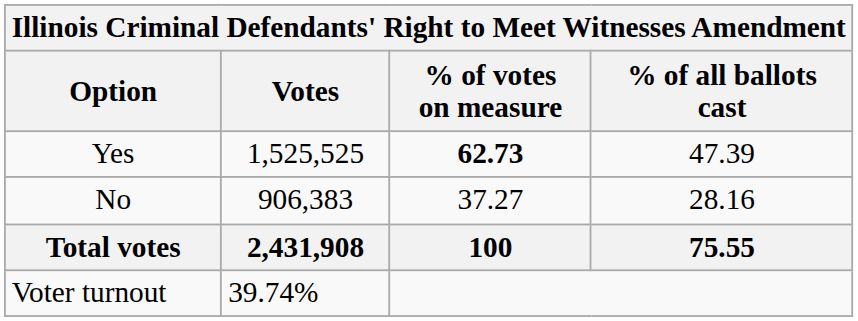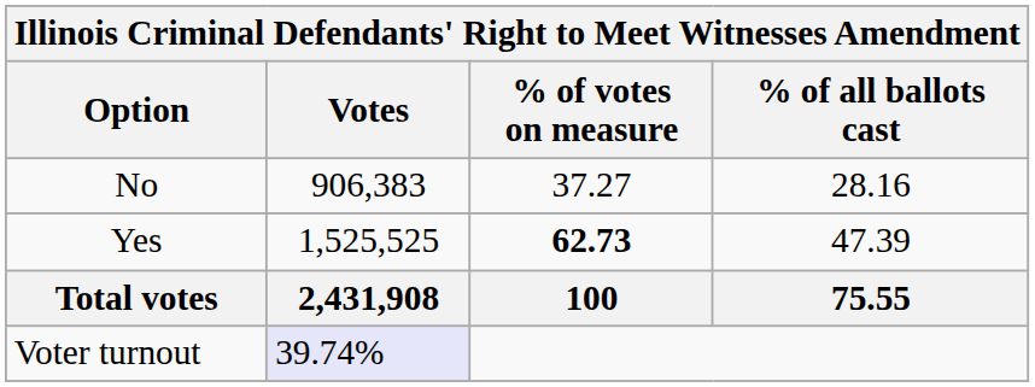 <table class="wikitable">
 <tr>
 <th colspan=4 text align=center>Illinois Criminal Defendants' Right to Meet Witnesses Amendment</th>
 </tr>
 <tr>
 <th>Option</th>
 <th>Votes</th>
 <th>% of votes<br>on measure</th>
 <th>% of all ballots<br>cast</th>
 </tr>
 <tr>
+<td text align=center>No</td>
+<td text align=center>906,383</td>
+<td text align=center>37.27</td>
+<td text align=center>28.16</td>
+</tr>
+<tr>
 <td text align=center>Yes</td>
 <td text align=center>1,525,525</td>
 <td text align=center><strong>62.73</strong></td>
 <td text align=center>47.39</td>
-</tr>
-<tr>
-<td text align=center>No</td>
-<td text align=center>906,383</td>
-<td text align=center>37.27</td>
-<td text align=center>28.16</td>
 </tr>
 <tr>
 <th text align=center>Total votes</th>
 <th text align=center><strong>2,431,908</strong></th>
 <th text align=center><strong>100</strong></th>
 <th text align=center><strong>75.55</strong></th>
 </tr>
 <tr>
 <td>Voter turnout</td>
-<td>39.74%</td>
+<td style="background: lavender;">39.74%</td>
 </tr>
 </table>
